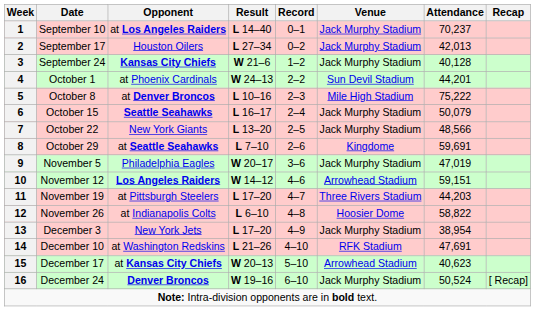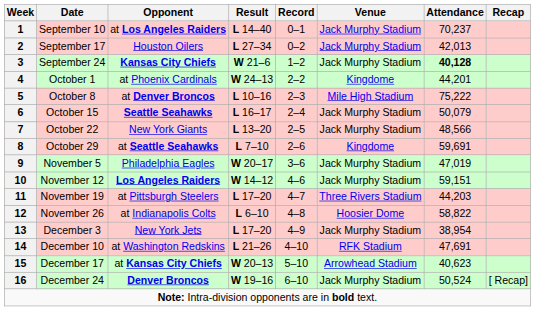 <table class="wikitable" style="text-align:center">
 <tr>
 <th>Week</th>
 <th>Date</th>
 <th>Opponent</th>
 <th>Result</th>
 <th>Record</th>
 <th>Venue</th>
 <th>Attendance</th>
 <th>Recap</th>
 </tr>
 <tr style="background:#fcc">
 <th>1</th>
 <td>September 10</td>
 <td>at <strong><a href='#'>Los Angeles Raiders</a></strong></td>
 <td><strong>L</strong> 14–40</td>
 <td>0–1</td>
 <td><a href='#'>Jack Murphy Stadium</a></td>
 <td>70,237</td>
 <td></td>
 </tr>
 <tr style="background:#fcc">
 <th>2</th>
 <td>September 17</td>
 <td><a href='#'>Houston Oilers</a></td>
 <td><strong>L</strong> 27–34</td>
 <td>0–2</td>
 <td><a href='#'>Jack Murphy Stadium</a></td>
 <td>42,013</td>
 <td></td>
 </tr>
 <tr style="background:#cfc">
 <th>3</th>
 <td>September 24</td>
 <td><strong><a href='#'>Kansas City Chiefs</a></strong></td>
 <td><strong>W</strong> 21–6</td>
 <td>1–2</td>
 <td>Jack Murphy Stadium</td>
-<td>40,128</td>
+<td><strong>40,128</strong></td>
 <td></td>
 </tr>
 <tr style="background:#cfc">
 <th>4</th>
 <td>October 1</td>
 <td>at <a href='#'>Phoenix Cardinals</a></td>
 <td><strong>W</strong> 24–13</td>
 <td>2–2</td>
-<td><a href='#'>Sun Devil Stadium</a></td>
+<td><a href='#'>Kingdome</a></td>
 <td>44,201</td>
 <td></td>
 </tr>
 <tr style="background:#fcc">
 <th>5</th>
 <td>October 8</td>
 <td>at <strong><a href='#'>Denver Broncos</a></strong></td>
 <td><strong>L</strong> 10–16</td>
 <td>2–3</td>
 <td><a href='#'>Mile High Stadium</a></td>
 <td>75,222</td>
 <td></td>
 </tr>
 <tr style="background:#fcc">
 <th>6</th>
 <td>October 15</td>
 <td><strong><a href='#'>Seattle Seahawks</a></strong></td>
 <td><strong>L</strong> 16–17</td>
 <td>2–4</td>
 <td>Jack Murphy Stadium</td>
 <td>50,079</td>
 <td></td>
 </tr>
 <tr style="background:#fcc">
 <th>7</th>
 <td>October 22</td>
 <td><a href='#'>New York Giants</a></td>
 <td><strong>L</strong> 13–20</td>
 <td>2–5</td>
 <td>Jack Murphy Stadium</td>
 <td>48,566</td>
 <td></td>
 </tr>
 <tr style="background:#fcc">
 <th>8</th>
 <td>October 29</td>
 <td>at <strong><a href='#'>Seattle Seahawks</a></strong></td>
 <td><strong>L</strong> 7–10</td>
 <td>2–6</td>
 <td><a href='#'>Kingdome</a></td>
 <td>59,691</td>
 <td></td>
 </tr>
 <tr style="background:#cfc">
 <th>9</th>
 <td>November 5</td>
 <td><a href='#'>Philadelphia Eagles</a></td>
 <td><strong>W</strong> 20–17</td>
 <td>3–6</td>
 <td>Jack Murphy Stadium</td>
 <td>47,019</td>
 <td></td>
 </tr>
 <tr style="background:#cfc">
 <th>10</th>
 <td>November 12</td>
 <td><strong><a href='#'>Los Angeles Raiders</a></strong></td>
 <td><strong>W</strong> 14–12</td>
 <td>4–6</td>
-<td><a href='#'>Arrowhead Stadium</a></td>
+<td>Jack Murphy Stadium</td>
 <td>59,151</td>
 <td></td>
 </tr>
 <tr style="background:#fcc">
 <th>11</th>
 <td>November 19</td>
 <td>at <a href='#'>Pittsburgh Steelers</a></td>
 <td><strong>L</strong> 17–20</td>
 <td>4–7</td>
 <td><a href='#'>Three Rivers Stadium</a></td>
 <td>44,203</td>
 <td></td>
 </tr>
 <tr style="background:#fcc">
 <th>12</th>
 <td>November 26</td>
 <td>at <a href='#'>Indianapolis Colts</a></td>
 <td><strong>L</strong> 6–10</td>
 <td>4–8</td>
 <td><a href='#'>Hoosier Dome</a></td>
 <td>58,822</td>
 <td></td>
 </tr>
 <tr style="background:#fcc">
 <th>13</th>
 <td>December 3</td>
 <td><a href='#'>New York Jets</a></td>
 <td><strong>L</strong> 17–20</td>
 <td>4–9</td>
 <td>Jack Murphy Stadium</td>
 <td>38,954</td>
 <td></td>
 </tr>
 <tr style="background:#fcc">
 <th>14</th>
 <td>December 10</td>
 <td>at <a href='#'>Washington Redskins</a></td>
 <td><strong>L</strong> 21–26</td>
 <td>4–10</td>
 <td><a href='#'>RFK Stadium</a></td>
 <td>47,691</td>
 <td></td>
 </tr>
 <tr style="background:#cfc">
 <th>15</th>
 <td>December 17</td>
 <td>at <strong><a href='#'>Kansas City Chiefs</a></strong></td>
 <td><strong>W</strong> 20–13</td>
 <td>5–10</td>
 <td><a href='#'>Arrowhead Stadium</a></td>
 <td>40,623</td>
 <td></td>
 </tr>
 <tr style="background:#cfc">
 <th>16</th>
 <td>December 24</td>
 <td><strong><a href='#'>Denver Broncos</a></strong></td>
 <td><strong>W</strong> 19–16</td>
 <td>6–10</td>
 <td>Jack Murphy Stadium</td>
 <td>50,524</td>
 <td>[ Recap]</td>
 </tr>
 <tr>
 <td colspan="8"><strong>Note:</strong> Intra-division opponents are in <strong>bold</strong> text.</td>
 </tr>
 </table>
